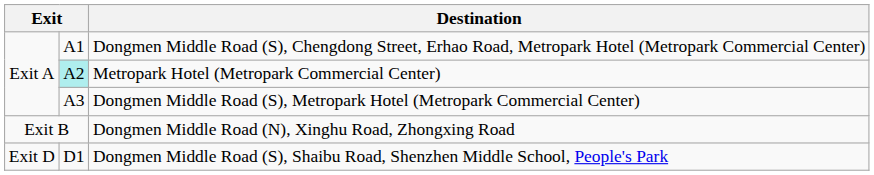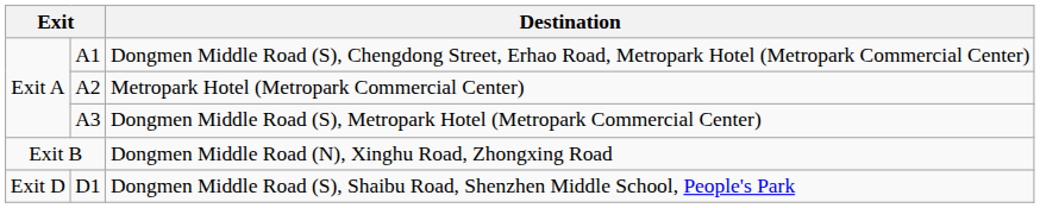 <table class="wikitable">
 <tr>
 <th style="width:70px" colspan="2">Exit</th>
 <th>Destination</th>
 </tr>
 <tr>
 <td align="center" rowspan="3">Exit A</td>
 <td>A1</td>
 <td>Dongmen Middle Road (S), Chengdong Street, Erhao Road, Metropark Hotel (Metropark Commercial Center)</td>
 </tr>
 <tr>
-<td style="background: paleturquoise;">A2</td>
+<td>A2</td>
 <td>Metropark Hotel (Metropark Commercial Center)</td>
 </tr>
 <tr>
 <td>A3</td>
 <td>Dongmen Middle Road (S), Metropark Hotel (Metropark Commercial Center)</td>
 </tr>
 <tr>
 <td align="center" colspan="2">Exit B</td>
 <td>Dongmen Middle Road (N), Xinghu Road, Zhongxing Road</td>
 </tr>
 <tr>
 <td align="center">Exit D</td>
 <td>D1</td>
 <td>Dongmen Middle Road (S), Shaibu Road, Shenzhen Middle School, <a href='#'>People's Park</a></td>
 </tr>
 </table>
